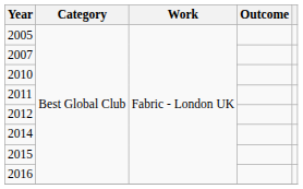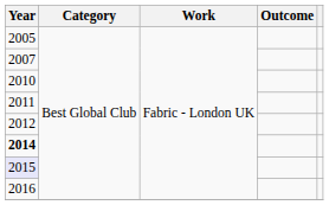 <table class="wikitable sortable">
 <tr>
 <th>Year</th>
 <th>Category</th>
 <th>Work</th>
 <th>Outcome</th>
 <th></th>
 </tr>
 <tr>
 <td>2005</td>
 <td rowspan="8">Best Global Club</td>
 <td rowspan="8">Fabric - London UK</td>
 <td></td>
 <td></td>
 </tr>
 <tr>
 <td>2007</td>
 <td></td>
 <td></td>
 </tr>
 <tr>
 <td>2010</td>
 <td></td>
 <td></td>
 </tr>
 <tr>
 <td>2011</td>
 <td></td>
 <td></td>
 </tr>
 <tr>
 <td>2012</td>
 <td></td>
 <td></td>
 </tr>
 <tr>
-<td>2014</td>
+<td><strong>2014</strong></td>
 <td></td>
 <td></td>
 </tr>
 <tr>
-<td>2015</td>
+<td style="background: lavender;">2015</td>
 <td></td>
 <td></td>
 </tr>
 <tr>
 <td>2016</td>
 <td></td>
 <td></td>
 </tr>
 <tr>
 </tr>
 </table>
